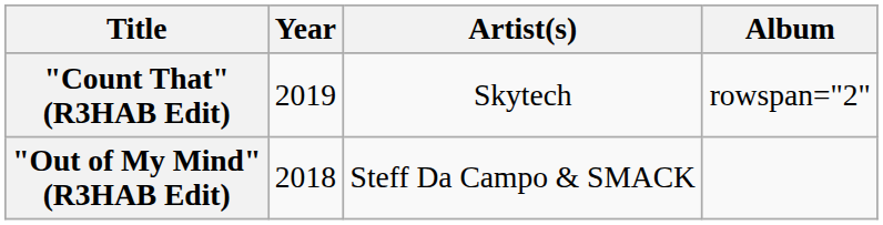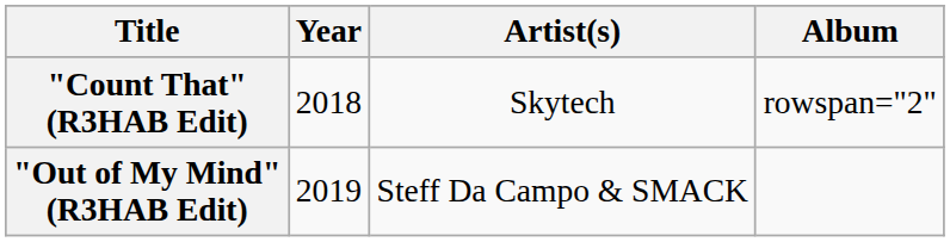 <table class="wikitable plainrowheaders" style="text-align:center;" border="1">
 <tr>
 <th scope="col" rowspan="1">Title</th>
 <th scope="col" rowspan="1">Year</th>
 <th scope="col" colspan="1">Artist(s)</th>
 <th scope="col" rowspan="1">Album</th>
 </tr>
 <tr>
 <th scope="row">"Count That" <br><span>(R3HAB Edit)</span></th>
-<td>2019</td>
+<td>2018</td>
 <td>Skytech</td>
 <td>rowspan="2" </td>
 </tr>
 <tr>
 <th scope="row">"Out of My Mind" <br><span>(R3HAB Edit)</span></th>
-<td>2018</td>
+<td>2019</td>
 <td>Steff Da Campo & SMACK</td>
 </tr>
 </table>
